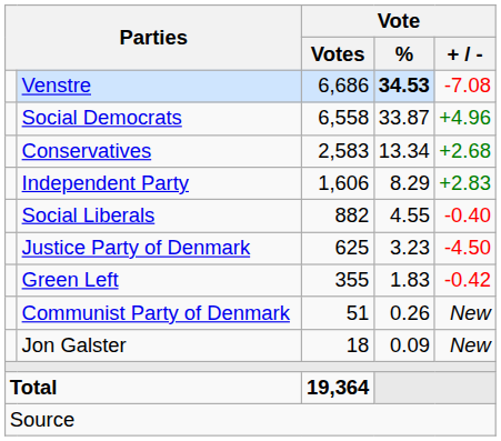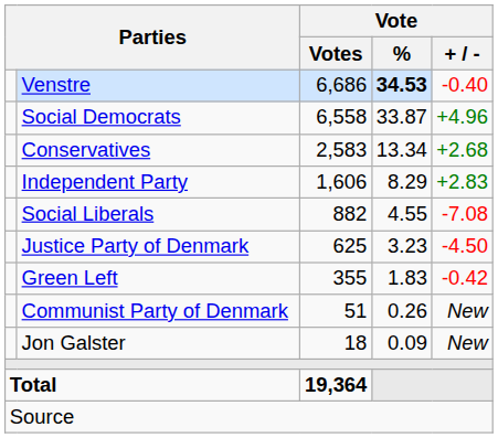 <table class="wikitable" style="text-align:right;">
 <tr>
 <th style="text-align:centre;" rowspan="2" colspan="2" width="225">Parties</th>
 <th colspan="3">Vote</th>
 </tr>
 <tr>
 <th width="15">Votes</th>
 <th width="15">%</th>
 <th width="15">+ / -</th>
 </tr>
 <tr>
 <td width="2" style="color:inherit;background:"></td>
 <td bgcolor=#cfe5fe  align="left"><a href='#'>Venstre</a></td>
 <td bgcolor=#cfe5fe>6,686</td>
 <td bgcolor=#cfe5fe><strong>34.53</strong></td>
-<td style=color:red;>-7.08</td>
+<td style=color:red;>-0.40</td>
 </tr>
 <tr>
 <td width="2" style="color:inherit;background:"></td>
 <td align="left"><a href='#'>Social Democrats</a></td>
 <td>6,558</td>
 <td>33.87</td>
 <td style=color:green;>+4.96</td>
 </tr>
 <tr>
 <td width="2" style="color:inherit;background:"></td>
 <td align="left"><a href='#'>Conservatives</a></td>
 <td>2,583</td>
 <td>13.34</td>
 <td style=color:green;>+2.68</td>
 </tr>
 <tr>
 <td width="2" style="color:inherit;background:"></td>
 <td align="left"><a href='#'>Independent Party</a></td>
 <td>1,606</td>
 <td>8.29</td>
 <td style=color:green;>+2.83</td>
 </tr>
 <tr>
 <td width="2" style="color:inherit;background:"></td>
 <td align="left"><a href='#'>Social Liberals</a></td>
 <td>882</td>
 <td>4.55</td>
-<td style=color:red;>-0.40</td>
+<td style=color:red;>-7.08</td>
 </tr>
 <tr>
 <td width="2" style="color:inherit;background:"></td>
 <td align="left"><a href='#'>Justice Party of Denmark</a></td>
 <td>625</td>
 <td>3.23</td>
 <td style=color:red;>-4.50</td>
 </tr>
 <tr>
 <td width="2" style="color:inherit;background:"></td>
 <td align="left"><a href='#'>Green Left</a></td>
 <td>355</td>
 <td>1.83</td>
 <td style=color:red;>-0.42</td>
 </tr>
 <tr>
 <td width="2" style="color:inherit;background:"></td>
 <td align="left"><a href='#'>Communist Party of Denmark</a></td>
 <td>51</td>
 <td>0.26</td>
 <td><em>New</em></td>
 </tr>
 <tr>
 <td width="2" style="color:inherit;background:"></td>
 <td align="left">Jon Galster</td>
 <td>18</td>
 <td>0.09</td>
 <td><em>New</em></td>
 </tr>
 <tr>
 <td colspan="7" bgcolor="#E9E9E9"></td>
 </tr>
 <tr>
 <td align="left" colspan="2"><strong>Total</strong></td>
 <td><strong>19,364</strong></td>
 <td bgcolor="#E9E9E9" colspan="2"></td>
 </tr>
 <tr>
 <td align="left" colspan="6">Source</td>
 </tr>
 </table>
